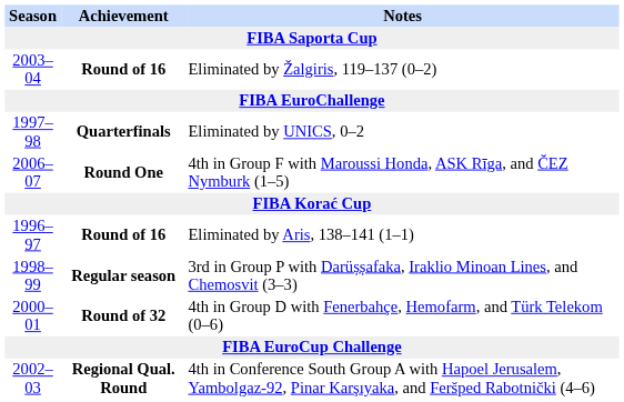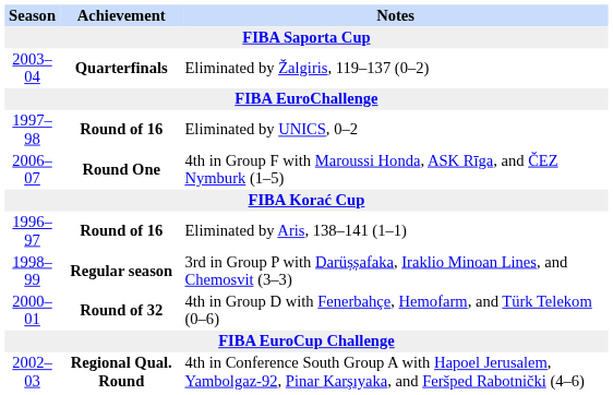 <table class="toccolours" border="0" cellpadding="2" cellspacing="0" align="left" style="margin:0.5em;">
 <tr bgcolor=#CADCFB>
 <th>Season</th>
 <th style="width:120px;">Achievement</th>
 <th>Notes</th>
 </tr>
 <tr>
 <th colspan="4" bgcolor=#EFEFEF><a href='#'>FIBA Saporta Cup</a></th>
 </tr>
 <tr>
 <td align="center"><a href='#'>2003–04</a></td>
-<td align="center"><strong>Round of 16</strong></td>
+<td align="center"><strong>Quarterfinals</strong></td>
 <td align="left">Eliminated by <a href='#'>Žalgiris</a>, 119–137 (0–2)</td>
 </tr>
 <tr>
 <th colspan="4" bgcolor=#EFEFEF><a href='#'>FIBA EuroChallenge</a></th>
 </tr>
 <tr>
 <td align="center"><a href='#'>1997–98</a></td>
-<td align="center"><strong>Quarterfinals</strong></td>
+<td align="center"><strong>Round of 16</strong></td>
 <td align="left">Eliminated by <a href='#'>UNICS</a>, 0–2</td>
 </tr>
 <tr>
 <td align="center"><a href='#'>2006–07</a></td>
 <td align="center"><strong>Round One</strong></td>
 <td align="left">4th in Group F with <a href='#'>Maroussi Honda</a>, <a href='#'>ASK Rīga</a>, and <a href='#'>ČEZ Nymburk</a> (1–5)</td>
 </tr>
 <tr>
 <th colspan="4" bgcolor=#EFEFEF><a href='#'>FIBA Korać Cup</a></th>
 </tr>
 <tr>
 <td align="center"><a href='#'>1996–97</a></td>
 <td align="center"><strong>Round of 16</strong></td>
 <td align="left">Eliminated by <a href='#'>Aris</a>, 138–141 (1–1)</td>
 </tr>
 <tr>
 <td align="center"><a href='#'>1998–99</a></td>
 <td align="center"><strong>Regular season</strong></td>
 <td align="left">3rd in Group P with <a href='#'>Darüșșafaka</a>, <a href='#'>Iraklio Minoan Lines</a>, and <a href='#'>Chemosvit</a> (3–3)</td>
 </tr>
 <tr>
 <td align="center"><a href='#'>2000–01</a></td>
 <td align="center"><strong>Round of 32</strong></td>
 <td align="left">4th in Group D with <a href='#'>Fenerbahçe</a>, <a href='#'>Hemofarm</a>, and <a href='#'>Türk Telekom</a> (0–6)</td>
 </tr>
 <tr>
 <th colspan="4" bgcolor=#EFEFEF><a href='#'>FIBA EuroCup Challenge</a></th>
 </tr>
 <tr>
 <td align="center"><a href='#'>2002–03</a></td>
 <td align="center"><strong>Regional Qual. Round</strong></td>
 <td align="left">4th in Conference South Group A with <a href='#'>Hapoel Jerusalem</a>, <a href='#'>Yambolgaz-92</a>, <a href='#'>Pinar Karşıyaka</a>, and <a href='#'>Feršped Rabotnički</a> (4–6)</td>
 </tr>
 <tr>
 </tr>
 </table>
